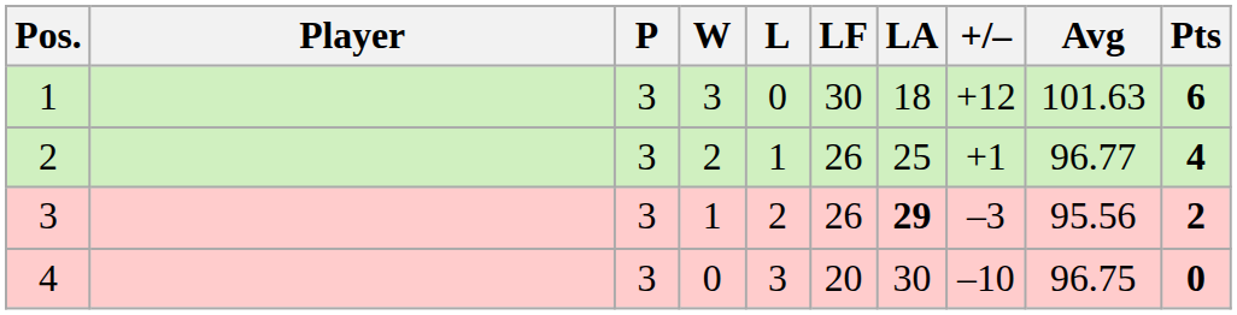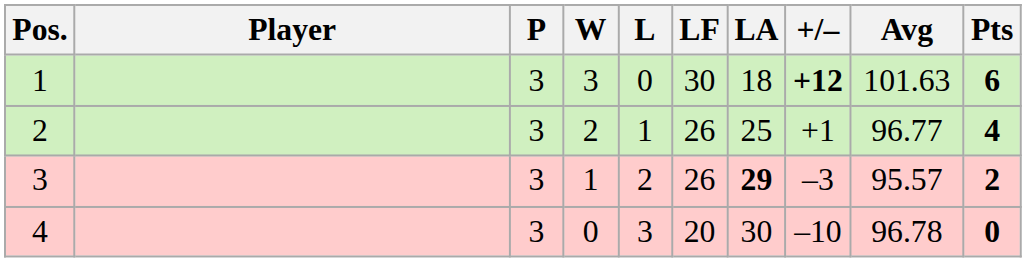 <table class="wikitable" style="text-align:center; margin: 1em auto 1em auto, align:left">
 <tr>
 <th width=20>Pos.</th>
 <th width=212>Player</th>
 <th width=20>P</th>
 <th width=20>W</th>
 <th width=20>L</th>
 <th width=20>LF</th>
 <th width=20>LA</th>
 <th width=25>+/–</th>
 <th width=50>Avg</th>
 <th width=20>Pts</th>
 </tr>
 <tr style="background:#D0F0C0;">
 <td>1</td>
 <td align=left></td>
 <td>3</td>
 <td>3</td>
 <td>0</td>
 <td>30</td>
 <td>18</td>
-<td>+12</td>
+<td><strong>+12</strong></td>
 <td>101.63</td>
 <td><strong>6</strong></td>
 </tr>
 <tr style="background:#D0F0C0;">
 <td>2</td>
 <td align=left></td>
 <td>3</td>
 <td>2</td>
 <td>1</td>
 <td>26</td>
 <td>25</td>
 <td>+1</td>
 <td>96.77</td>
 <td><strong>4</strong></td>
 </tr>
 <tr style="background:#FFCCCC;">
 <td>3</td>
 <td align=left></td>
 <td>3</td>
 <td>1</td>
 <td>2</td>
 <td>26</td>
 <td><strong>29</strong></td>
 <td>–3</td>
-<td>95.56</td>
+<td>95.57</td>
 <td><strong>2</strong></td>
 </tr>
 <tr style="background:#FFCCCC">
 <td>4</td>
 <td align=left></td>
 <td>3</td>
 <td>0</td>
 <td>3</td>
 <td>20</td>
 <td>30</td>
 <td>–10</td>
-<td>96.75</td>
+<td>96.78</td>
 <td><strong>0</strong></td>
 </tr>
 </table>
